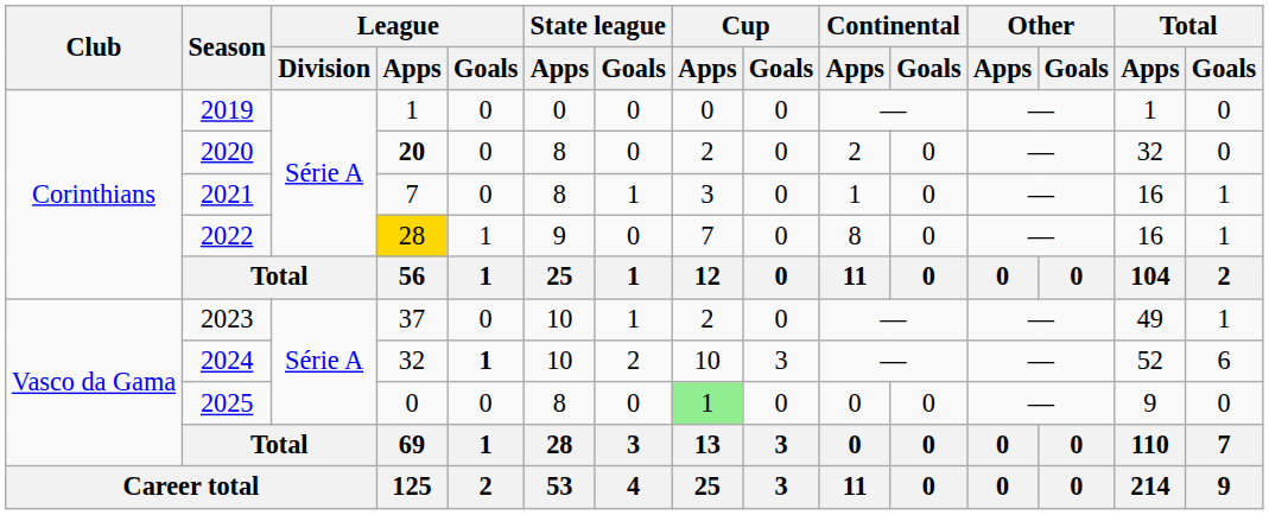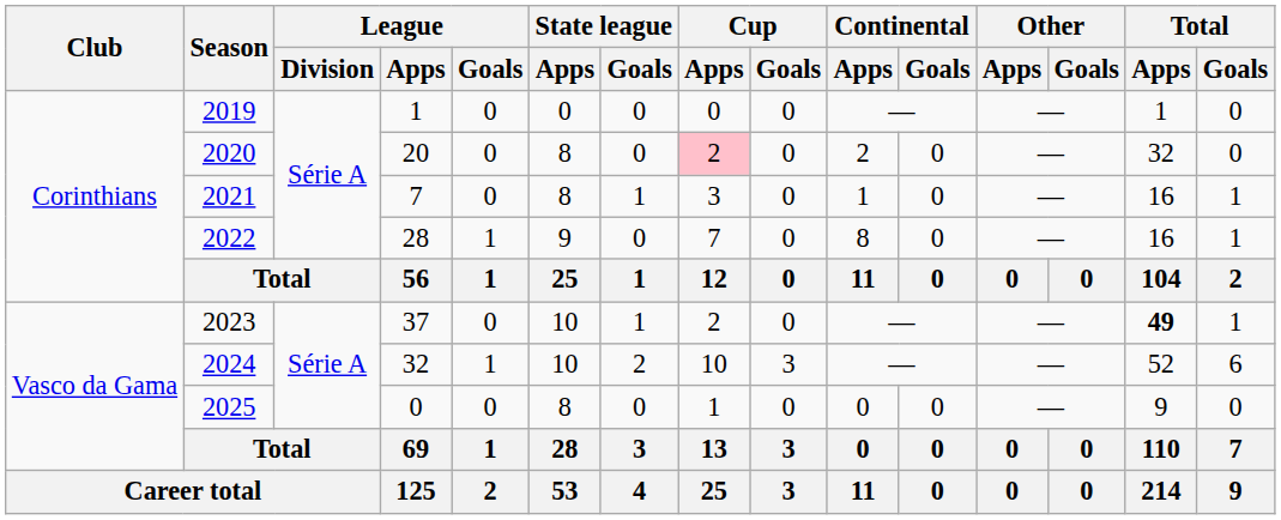 <table class="wikitable" style="text-align: center">
 <tr>
 <th rowspan=2>Club</th>
 <th rowspan=2>Season</th>
 <th colspan=3>League</th>
 <th colspan=2>State league</th>
 <th colspan=2>Cup</th>
 <th colspan=2>Continental</th>
 <th colspan=2>Other</th>
 <th colspan=2>Total</th>
 </tr>
 <tr>
 <th>Division</th>
 <th>Apps</th>
 <th>Goals</th>
 <th>Apps</th>
 <th>Goals</th>
 <th>Apps</th>
 <th>Goals</th>
 <th>Apps</th>
 <th>Goals</th>
 <th>Apps</th>
 <th>Goals</th>
 <th>Apps</th>
 <th>Goals</th>
 </tr>
 <tr>
 <td rowspan=5><a href='#'>Corinthians</a></td>
 <td><a href='#'>2019</a></td>
 <td rowspan=4><a href='#'>Série A</a></td>
 <td>1</td>
 <td>0</td>
 <td>0</td>
 <td>0</td>
 <td>0</td>
 <td>0</td>
 <td colspan=2>—</td>
 <td colspan=2>—</td>
 <td>1</td>
 <td>0</td>
 </tr>
 <tr>
 <td><a href='#'>2020</a></td>
-<td><strong>20</strong></td>
+<td>20</td>
 <td>0</td>
 <td>8</td>
 <td>0</td>
-<td>2</td>
+<td style="background: pink;">2</td>
 <td>0</td>
 <td>2</td>
 <td>0</td>
 <td colspan=2>—</td>
 <td>32</td>
 <td>0</td>
 </tr>
 <tr>
 <td><a href='#'>2021</a></td>
 <td>7</td>
 <td>0</td>
 <td>8</td>
 <td>1</td>
 <td>3</td>
 <td>0</td>
 <td>1</td>
 <td>0</td>
 <td colspan=2>—</td>
 <td>16</td>
 <td>1</td>
 </tr>
 <tr>
 <td><a href='#'>2022</a></td>
-<td style="background: gold;">28</td>
+<td>28</td>
 <td>1</td>
 <td>9</td>
 <td>0</td>
 <td>7</td>
 <td>0</td>
 <td>8</td>
 <td>0</td>
 <td colspan=2>—</td>
 <td>16</td>
 <td>1</td>
 </tr>
 <tr>
 <th colspan=2><strong>Total</strong></th>
 <th>56</th>
 <th>1</th>
 <th>25</th>
 <th>1</th>
 <th>12</th>
 <th>0</th>
 <th>11</th>
 <th>0</th>
 <th>0</th>
 <th>0</th>
 <th>104</th>
 <th>2</th>
 </tr>
 <tr>
 <td rowspan="4"><a href='#'>Vasco da Gama</a></td>
 <td>2023</td>
 <td rowspan="3"><a href='#'>Série A</a></td>
 <td>37</td>
 <td>0</td>
 <td>10</td>
 <td>1</td>
 <td>2</td>
 <td>0</td>
 <td colspan=2>—</td>
 <td colspan=2>—</td>
-<td>49</td>
+<td><strong>49</strong></td>
 <td>1</td>
 </tr>
 <tr>
 <td><a href='#'>2024</a></td>
 <td>32</td>
-<td><strong>1</strong></td>
+<td>1</td>
 <td>10</td>
 <td>2</td>
 <td>10</td>
 <td>3</td>
 <td colspan="2">—</td>
 <td colspan="2">—</td>
 <td>52</td>
 <td>6</td>
 </tr>
 <tr>
 <td><a href='#'>2025</a></td>
 <td>0</td>
 <td>0</td>
 <td>8</td>
 <td>0</td>
-<td style="background: lightgreen;">1</td>
+<td>1</td>
 <td>0</td>
 <td>0</td>
 <td>0</td>
 <td colspan="2">—</td>
 <td>9</td>
 <td>0</td>
 </tr>
 <tr>
 <th colspan="2"><strong>Total</strong></th>
 <th>69</th>
 <th>1</th>
 <th>28</th>
 <th>3</th>
 <th>13</th>
 <th>3</th>
 <th>0</th>
 <th>0</th>
 <th>0</th>
 <th>0</th>
 <th>110</th>
 <th>7</th>
 </tr>
 <tr>
 <th colspan="3"><strong>Career total</strong></th>
 <th>125</th>
 <th>2</th>
 <th>53</th>
 <th>4</th>
 <th>25</th>
 <th>3</th>
 <th>11</th>
 <th>0</th>
 <th>0</th>
 <th>0</th>
 <th>214</th>
 <th>9</th>
 </tr>
 </table>
